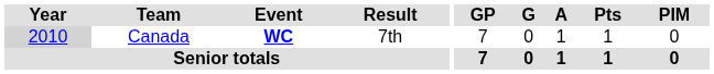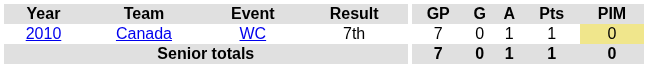 <table border="0" cellpadding="1" cellspacing="0" ID="Table3" style="text-align:center; width:40em">
 <tr ALIGN="center" bgcolor="#e0e0e0">
 <th>Year</th>
 <th>Team</th>
 <th>Event</th>
 <th>Result</th>
 <th rowspan="99" bgcolor="#ffffff"></th>
 <th>GP</th>
 <th>G</th>
 <th>A</th>
 <th>Pts</th>
 <th>PIM</th>
 </tr>
 <tr>
-<td style="background: lightgrey;"><a href='#'>2010</a></td>
+<td><a href='#'>2010</a></td>
 <td><a href='#'>Canada</a></td>
-<td><strong><a href='#'>WC</a></strong></td>
+<td><a href='#'>WC</a></td>
 <td>7th</td>
 <td>7</td>
 <td>0</td>
 <td>1</td>
 <td>1</td>
-<td>0</td>
+<td style="background: khaki;">0</td>
 </tr>
 <tr bgcolor="#e0e0e0">
 <th colspan=4>Senior totals</th>
 <th>7</th>
 <th>0</th>
 <th>1</th>
 <th>1</th>
 <th>0</th>
 </tr>
 </table>
